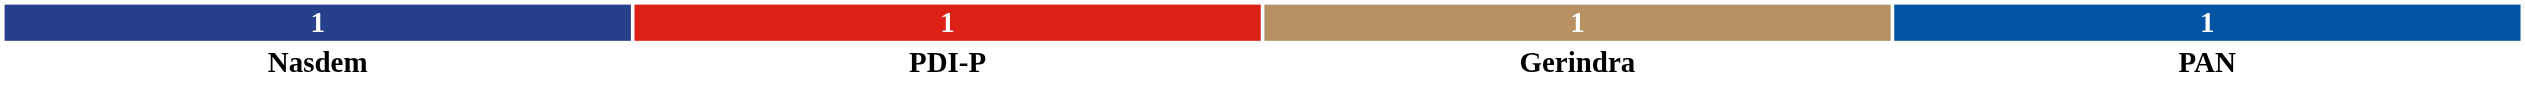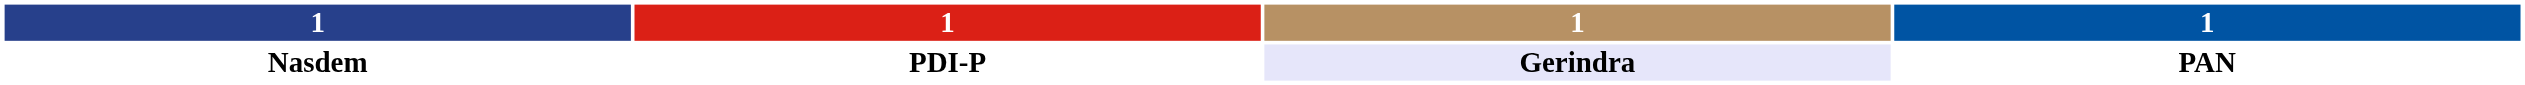 <table style="width:88%; text-align:center;">
 <tr style="color:white;">
 <td style="background:#27408B; width:25%;"><strong>1</strong></td>
 <td style="background:#DB2016; width:25%;"><strong>1</strong></td>
 <td style="background:#B79164; width:25%;"><strong>1</strong></td>
 <td style="background:#0054A3; width:25%;"><strong>1</strong></td>
 </tr>
 <tr>
 <td><span><strong>Nasdem</strong></span></td>
 <td><span><strong>PDI-P</strong></span></td>
-<td><span><strong>Gerindra</strong></span></td>
+<td style="background: lavender;"><span><strong>Gerindra</strong></span></td>
 <td><span><strong>PAN</strong></span></td>
 </tr>
 </table>
